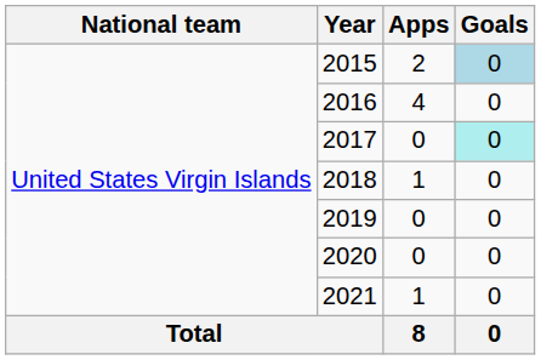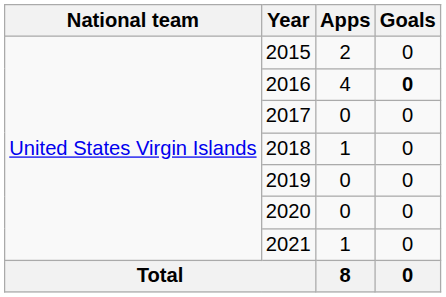 <table class="wikitable" style="text-align:center">
 <tr>
 <th>National team</th>
 <th>Year</th>
 <th>Apps</th>
 <th>Goals</th>
 </tr>
 <tr>
 <td rowspan="7"><a href='#'>United States Virgin Islands</a></td>
 <td>2015</td>
 <td>2</td>
-<td style="background: lightblue;">0</td>
+<td>0</td>
 </tr>
 <tr>
 <td>2016</td>
 <td>4</td>
-<td>0</td>
+<td><strong>0</strong></td>
 </tr>
 <tr>
 <td>2017</td>
 <td>0</td>
-<td style="background: paleturquoise;">0</td>
+<td>0</td>
 </tr>
 <tr>
 <td>2018</td>
 <td>1</td>
 <td>0</td>
 </tr>
 <tr>
 <td>2019</td>
 <td>0</td>
 <td>0</td>
 </tr>
 <tr>
 <td>2020</td>
 <td>0</td>
 <td>0</td>
 </tr>
 <tr>
 <td>2021</td>
 <td>1</td>
 <td>0</td>
 </tr>
 <tr>
 <th colspan=2>Total</th>
 <th>8</th>
 <th>0</th>
 </tr>
 </table>
